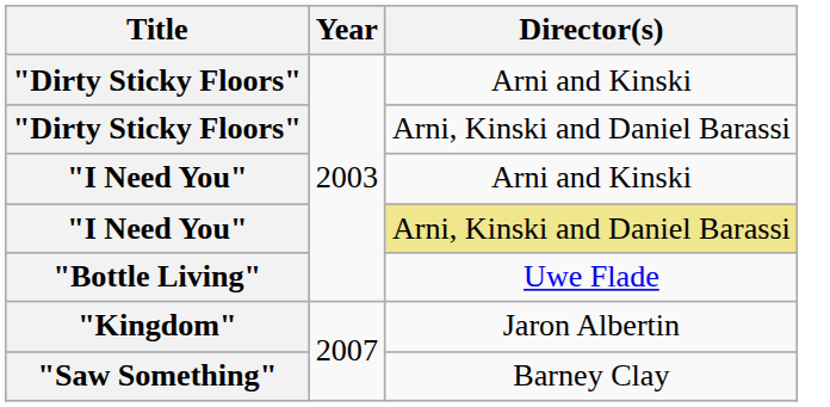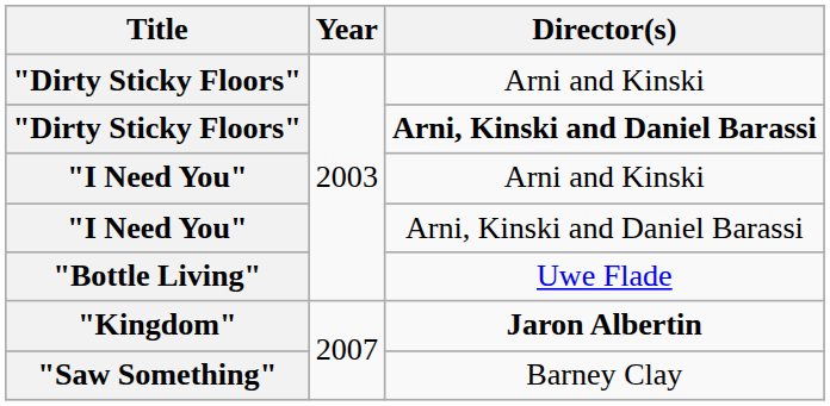 <table class="wikitable plainrowheaders" style="text-align:center;">
 <tr>
 <th scope="col">Title</th>
 <th scope="col">Year</th>
 <th scope="col">Director(s)</th>
 </tr>
 <tr>
 <th scope="row">"Dirty Sticky Floors"</th>
 <td rowspan="5">2003</td>
 <td>Arni and Kinski</td>
 </tr>
 <tr>
 <th scope="row">"Dirty Sticky Floors" </th>
-<td>Arni, Kinski and Daniel Barassi</td>
+<td><strong>Arni, Kinski and Daniel Barassi</strong></td>
 </tr>
 <tr>
 <th scope="row">"I Need You"</th>
 <td>Arni and Kinski</td>
 </tr>
 <tr>
 <th scope="row">"I Need You" </th>
-<td style="background: khaki;">Arni, Kinski and Daniel Barassi</td>
+<td>Arni, Kinski and Daniel Barassi</td>
 </tr>
 <tr>
 <th scope="row">"Bottle Living"</th>
 <td><a href='#'>Uwe Flade</a></td>
 </tr>
 <tr>
 <th scope="row">"Kingdom"</th>
 <td rowspan="2">2007</td>
-<td>Jaron Albertin</td>
+<td><strong>Jaron Albertin</strong></td>
 </tr>
 <tr>
 <th scope="row">"Saw Something"</th>
 <td>Barney Clay</td>
 </tr>
 </table>
